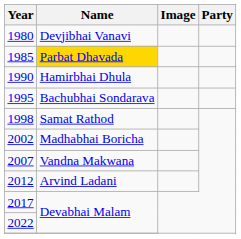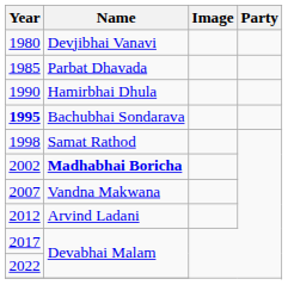 <table class="wikitable sortable">
 <tr>
 <th>Year</th>
 <th>Name</th>
 <th>Image</th>
 <th colspan=2>Party</th>
 </tr>
 <tr>
 <td><a href='#'>1980</a></td>
 <td><a href='#'>Devjibhai Vanavi</a></td>
 <td></td>
 <td></td>
 </tr>
 <tr>
 <td><a href='#'>1985</a></td>
-<td style="background: gold;"><a href='#'>Parbat Dhavada</a></td>
+<td><a href='#'>Parbat Dhavada</a></td>
 <td></td>
 <td></td>
 </tr>
 <tr>
 <td><a href='#'>1990</a></td>
 <td><a href='#'>Hamirbhai Dhula</a></td>
 <td></td>
 <td></td>
 </tr>
 <tr>
-<td><a href='#'>1995</a></td>
+<td><strong><a href='#'>1995</a></strong></td>
 <td><a href='#'>Bachubhai Sondarava</a></td>
 <td></td>
 <td></td>
 </tr>
 <tr>
 <td><a href='#'>1998</a></td>
 <td><a href='#'>Samat Rathod</a></td>
 <td></td>
 </tr>
 <tr>
 <td><a href='#'>2002</a></td>
-<td><a href='#'>Madhabhai Boricha</a></td>
+<td><strong><a href='#'>Madhabhai Boricha</a></strong></td>
 <td></td>
 </tr>
 <tr>
 <td><a href='#'>2007</a></td>
 <td><a href='#'>Vandna Makwana</a></td>
 <td></td>
 </tr>
 <tr>
 <td><a href='#'>2012</a></td>
 <td><a href='#'>Arvind Ladani</a></td>
 <td></td>
 </tr>
 <tr>
 <td><a href='#'>2017</a></td>
 <td rowspan="2"><a href='#'>Devabhai Malam</a></td>
 </tr>
 <tr>
 <td><a href='#'>2022</a></td>
 </tr>
 <tr>
 </tr>
 </table>
